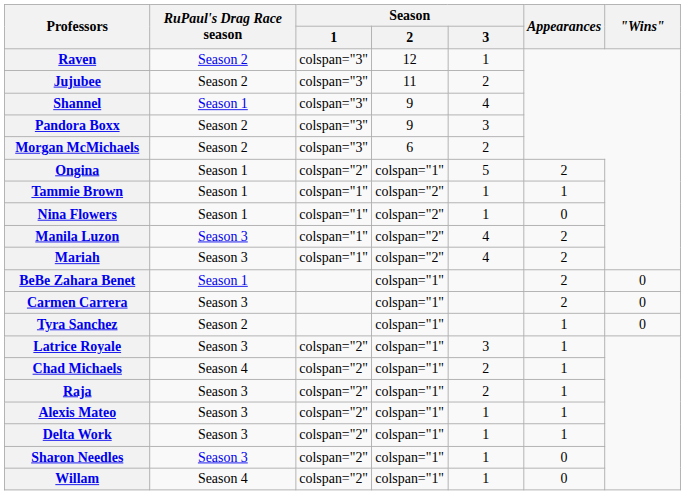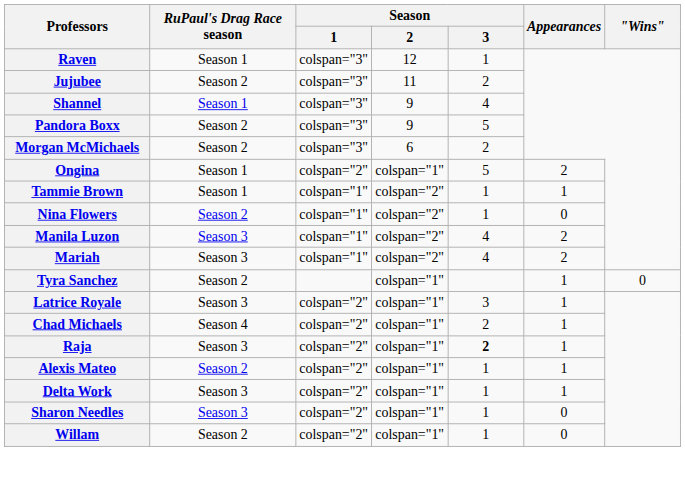 <table class="wikitable sortable plainrowheaders" style="text-align:center;font-size:100%">
 <tr>
 <th rowspan="2" style="width: 10em;">Professors</th>
 <th rowspan="2" style="width: 10em;" scope="col"><em>RuPaul's Drag Race</em><br>season</th>
 <th colspan="3" style="width: 15em;" scope="col">Season</th>
 <th rowspan="2" style="width: 5em;" scope="col"><em>Appearances</em></th>
 <th rowspan="2" style="width: 5em;" scope="col"><em>"Wins"</em></th>
 </tr>
 <tr>
 <th style="width: 5em;" scope="col">1</th>
 <th style="width: 5em;" scope="col">2</th>
 <th style="width: 5em;" scope="col">3</th>
 </tr>
 <tr>
 <th><strong><a href='#'>Raven</a></strong></th>
-<td><a href='#'>Season 2</a></td>
+<td>Season 1</td>
 <td>colspan="3" </td>
 <td>12</td>
 <td>1</td>
 </tr>
 <tr>
 <th><strong><a href='#'>Jujubee</a></strong></th>
 <td>Season 2</td>
 <td>colspan="3" </td>
 <td>11</td>
 <td>2</td>
 </tr>
 <tr>
 <th><strong><a href='#'>Shannel</a></strong></th>
 <td><a href='#'>Season 1</a></td>
 <td>colspan="3" </td>
 <td>9</td>
 <td>4</td>
 </tr>
 <tr>
 <th><strong><a href='#'>Pandora Boxx</a></strong></th>
 <td>Season 2</td>
 <td>colspan="3" </td>
 <td>9</td>
-<td>3</td>
+<td>5</td>
 </tr>
 <tr>
 <th><strong><a href='#'>Morgan McMichaels</a></strong></th>
 <td>Season 2</td>
 <td>colspan="3" </td>
 <td>6</td>
 <td>2</td>
 </tr>
 <tr>
 <th><strong><a href='#'>Ongina</a></strong></th>
 <td>Season 1</td>
 <td>colspan="2" </td>
 <td>colspan="1" </td>
 <td>5</td>
 <td>2</td>
 </tr>
 <tr>
 <th><strong><a href='#'>Tammie Brown</a></strong></th>
 <td>Season 1</td>
 <td>colspan="1" </td>
 <td>colspan="2" </td>
 <td>1</td>
 <td>1</td>
 </tr>
 <tr>
 <th><strong><a href='#'>Nina Flowers</a></strong></th>
-<td>Season 1</td>
+<td><a href='#'>Season 2</a></td>
 <td>colspan="1" </td>
 <td>colspan="2" </td>
 <td>1</td>
 <td>0</td>
 </tr>
 <tr>
 <th><strong><a href='#'>Manila Luzon</a></strong></th>
 <td><a href='#'>Season 3</a></td>
 <td>colspan="1" </td>
 <td>colspan="2" </td>
 <td>4</td>
 <td>2</td>
 </tr>
 <tr>
 <th><strong><a href='#'>Mariah</a></strong></th>
 <td>Season 3</td>
 <td>colspan="1" </td>
 <td>colspan="2" </td>
 <td>4</td>
 <td>2</td>
-</tr>
-<tr>
-<th><strong><a href='#'>BeBe Zahara Benet</a></strong></th>
-<td><a href='#'>Season 1</a></td>
-<td></td>
-<td>colspan="1" </td>
-<td></td>
-<td>2</td>
-<td>0</td>
-</tr>
-<tr>
-<th><strong><a href='#'>Carmen Carrera</a></strong></th>
-<td>Season 3</td>
-<td></td>
-<td>colspan="1" </td>
-<td></td>
-<td>2</td>
-<td>0</td>
 </tr>
 <tr>
 <th><strong><a href='#'>Tyra Sanchez</a></strong></th>
 <td>Season 2</td>
 <td></td>
 <td>colspan="1" </td>
 <td></td>
 <td>1</td>
 <td>0</td>
 </tr>
 <tr>
 <th><strong><a href='#'>Latrice Royale</a></strong></th>
 <td>Season 3</td>
 <td>colspan="2" </td>
 <td>colspan="1" </td>
 <td>3</td>
 <td>1</td>
 </tr>
 <tr>
 <th><strong><a href='#'>Chad Michaels</a></strong></th>
 <td>Season 4</td>
 <td>colspan="2" </td>
 <td>colspan="1" </td>
 <td>2</td>
 <td>1</td>
 </tr>
 <tr>
 <th><strong><a href='#'>Raja</a></strong></th>
 <td>Season 3</td>
 <td>colspan="2" </td>
 <td>colspan="1" </td>
-<td>2</td>
+<td><strong>2</strong></td>
 <td>1</td>
 </tr>
 <tr>
 <th><strong><a href='#'>Alexis Mateo</a></strong></th>
-<td>Season 3</td>
+<td><a href='#'>Season 2</a></td>
 <td>colspan="2" </td>
 <td>colspan="1" </td>
 <td>1</td>
 <td>1</td>
 </tr>
 <tr>
 <th><strong><a href='#'>Delta Work</a></strong></th>
 <td>Season 3</td>
 <td>colspan="2" </td>
 <td>colspan="1" </td>
 <td>1</td>
 <td>1</td>
 </tr>
 <tr>
 <th><strong><a href='#'>Sharon Needles</a></strong></th>
 <td><a href='#'>Season 3</a></td>
 <td>colspan="2" </td>
 <td>colspan="1" </td>
 <td>1</td>
 <td>0</td>
 </tr>
 <tr>
 <th><strong><a href='#'>Willam</a></strong></th>
-<td>Season 4</td>
+<td>Season 2</td>
 <td>colspan="2" </td>
 <td>colspan="1" </td>
 <td>1</td>
 <td>0</td>
 </tr>
 </table>
